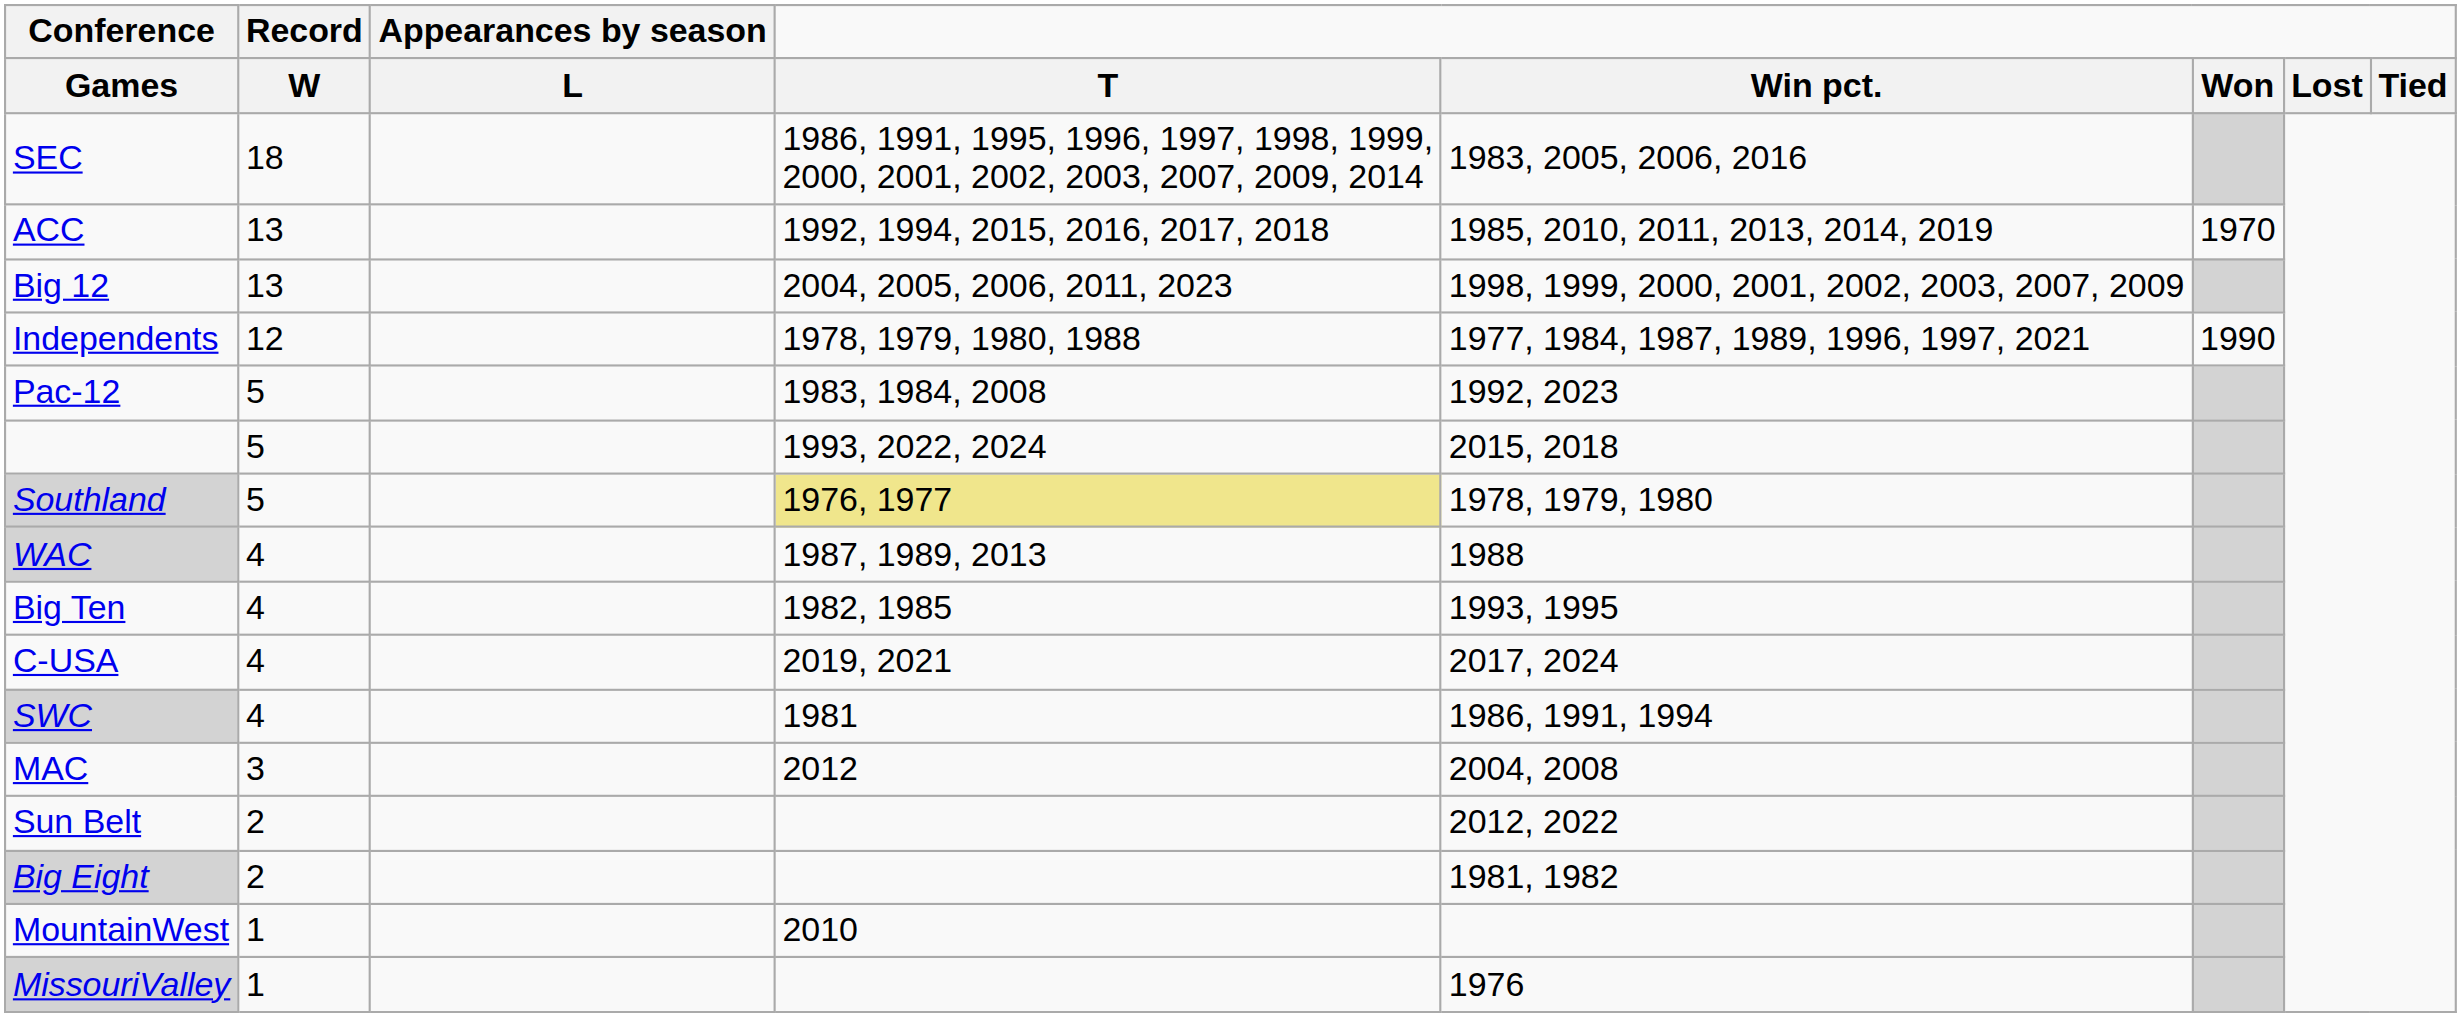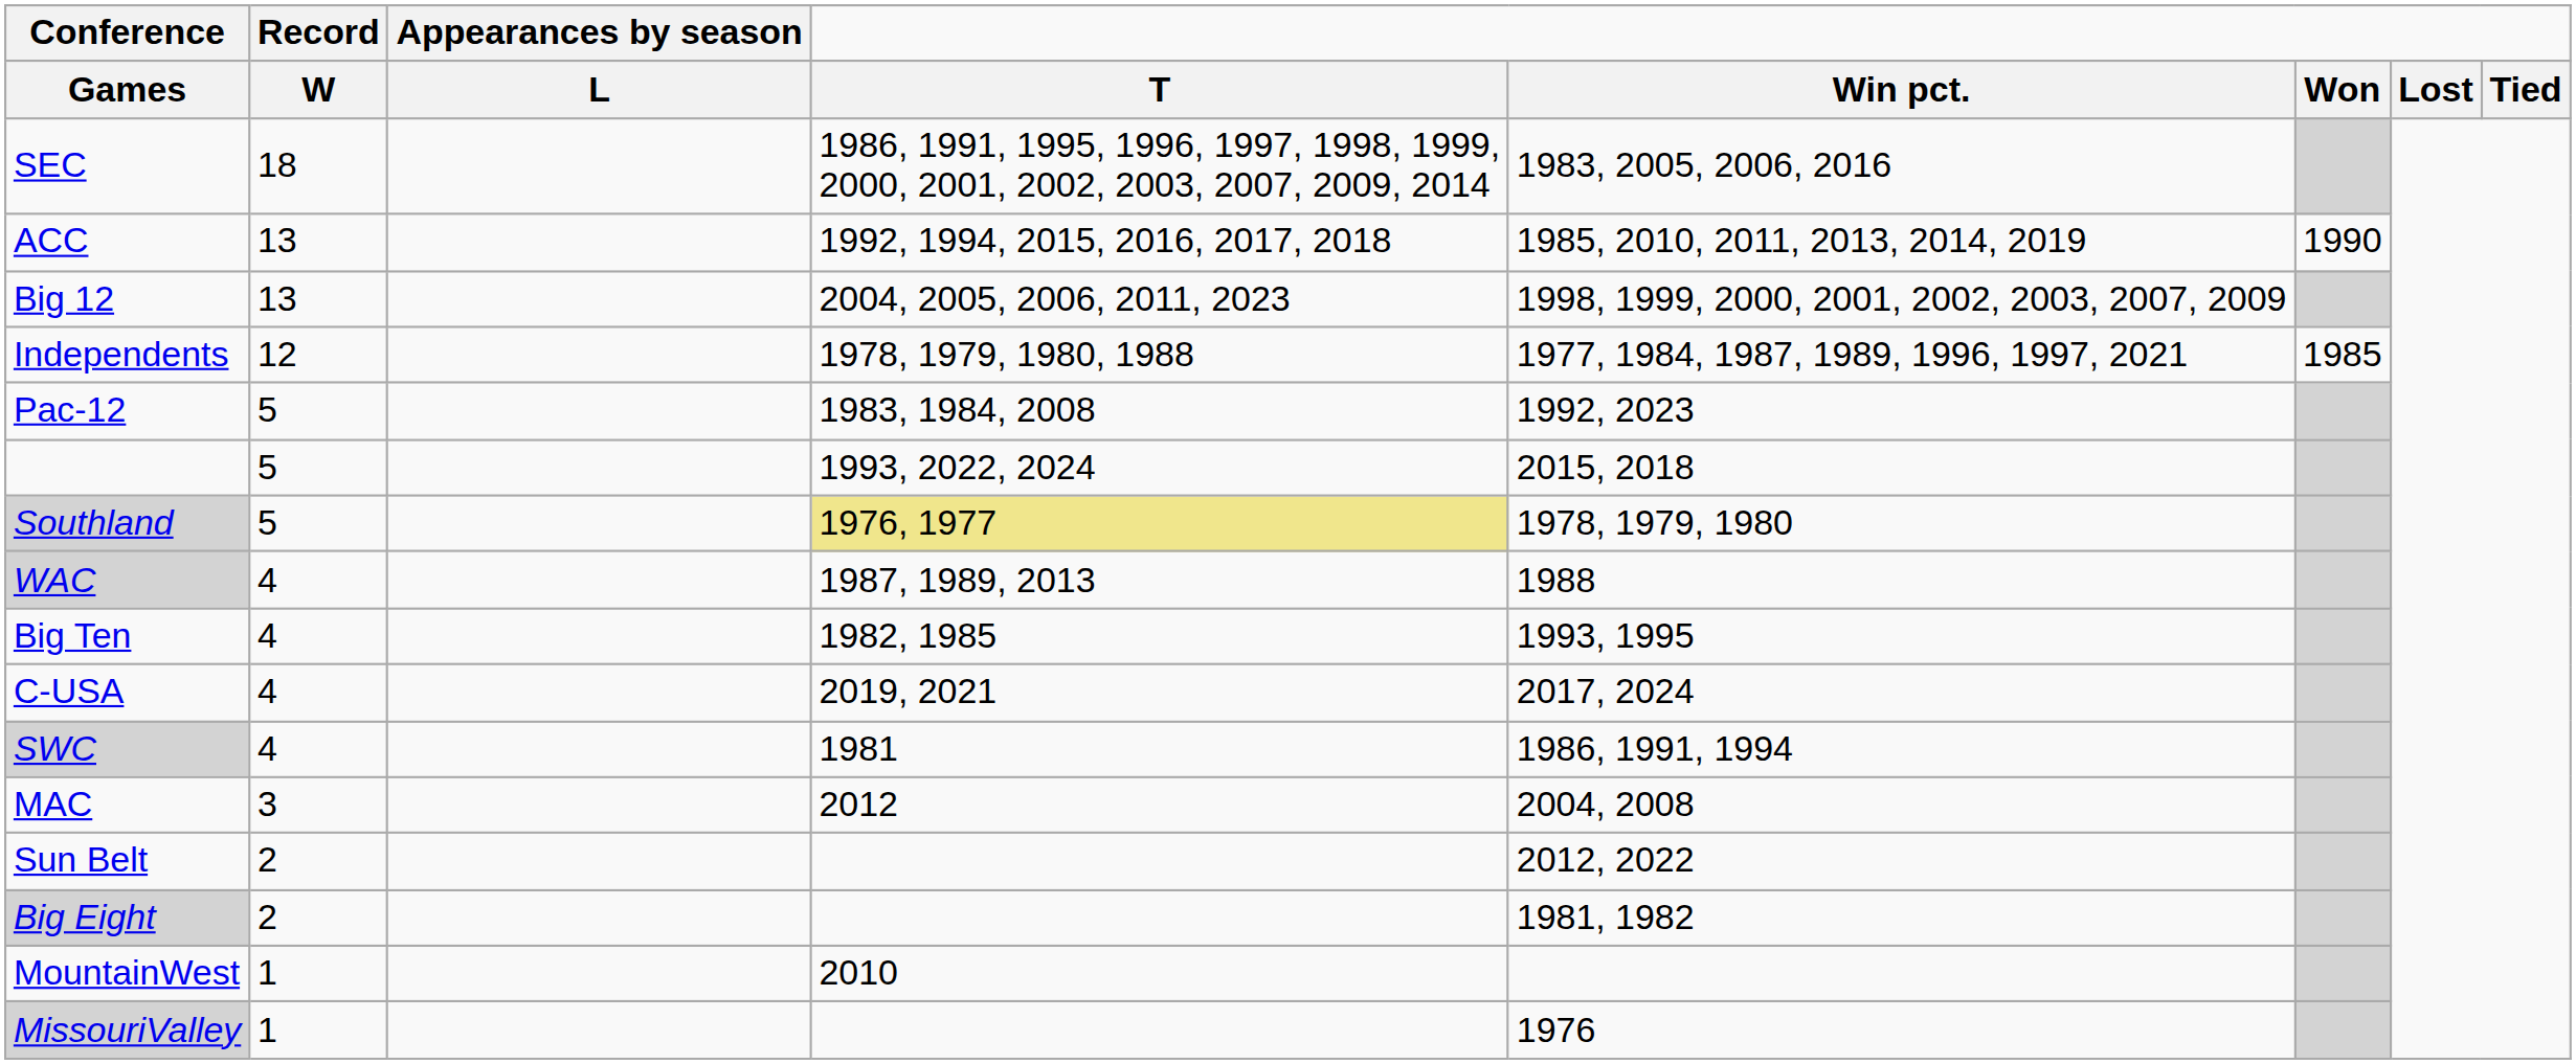 <table class="wikitable sortable">
 <tr>
 <th>Conference</th>
 <th>Record</th>
 <th>Appearances by season</th>
 </tr>
 <tr>
 <th>Games</th>
 <th>W</th>
 <th>L</th>
 <th>T</th>
 <th>Win pct.</th>
 <th>Won</th>
 <th>Lost</th>
 <th>Tied</th>
 </tr>
 <tr>
 <td><a href='#'>SEC</a></td>
 <td>18</td>
 <td></td>
 <td>1986, 1991, 1995, 1996, 1997, 1998, 1999,<br>2000, 2001, 2002, 2003, 2007, 2009, 2014</td>
 <td>1983, 2005, 2006, 2016</td>
 <td bgcolor=lightgrey></td>
 </tr>
 <tr>
 <td><a href='#'>ACC</a></td>
 <td>13</td>
 <td></td>
 <td>1992, 1994, 2015, 2016, 2017, 2018</td>
 <td>1985, 2010, 2011, 2013, 2014, 2019</td>
-<td>1970</td>
+<td>1990</td>
 </tr>
 <tr>
 <td><a href='#'>Big 12</a></td>
 <td>13</td>
 <td></td>
 <td>2004, 2005, 2006, 2011, 2023</td>
 <td>1998, 1999, 2000, 2001, 2002, 2003, 2007, 2009</td>
 <td bgcolor=lightgrey></td>
 </tr>
 <tr>
 <td><a href='#'>Independents</a></td>
 <td>12</td>
 <td></td>
 <td>1978, 1979, 1980, 1988</td>
 <td>1977, 1984, 1987, 1989, 1996, 1997, 2021</td>
-<td>1990</td>
+<td>1985</td>
 </tr>
 <tr>
 <td><a href='#'>Pac-12</a></td>
 <td>5</td>
 <td></td>
 <td>1983, 1984, 2008</td>
 <td>1992, 2023</td>
 <td bgcolor=lightgrey></td>
 </tr>
 <tr>
 <td><a href='#'></a></td>
 <td>5</td>
 <td></td>
 <td>1993, 2022, 2024</td>
 <td>2015, 2018</td>
 <td bgcolor=lightgrey></td>
 </tr>
 <tr>
 <td bgcolor=lightgrey><em><a href='#'>Southland</a></em></td>
 <td>5</td>
 <td></td>
 <td style="background: khaki;">1976, 1977</td>
 <td>1978, 1979, 1980</td>
 <td bgcolor=lightgrey></td>
 </tr>
 <tr>
 <td bgcolor=lightgrey><em><a href='#'>WAC</a></em></td>
 <td>4</td>
 <td></td>
 <td>1987, 1989, 2013</td>
 <td>1988</td>
 <td bgcolor=lightgrey></td>
 </tr>
 <tr>
 <td><a href='#'>Big Ten</a></td>
 <td>4</td>
 <td></td>
 <td>1982, 1985</td>
 <td>1993, 1995</td>
 <td bgcolor=lightgrey></td>
 </tr>
 <tr>
 <td><a href='#'>C-USA</a></td>
 <td>4</td>
 <td></td>
 <td>2019, 2021</td>
 <td>2017, 2024</td>
 <td bgcolor=lightgrey></td>
 </tr>
 <tr>
 <td bgcolor=lightgrey><em><a href='#'>SWC</a></em></td>
 <td>4</td>
 <td></td>
 <td>1981</td>
 <td>1986, 1991, 1994</td>
 <td bgcolor=lightgrey></td>
 </tr>
 <tr>
 <td><a href='#'>MAC</a></td>
 <td>3</td>
 <td></td>
 <td>2012</td>
 <td>2004, 2008</td>
 <td bgcolor=lightgrey></td>
 </tr>
 <tr>
 <td><a href='#'>Sun Belt</a></td>
 <td>2</td>
 <td></td>
 <td></td>
 <td>2012, 2022</td>
 <td bgcolor=lightgrey></td>
 </tr>
 <tr>
 <td bgcolor=lightgrey><em><a href='#'>Big Eight</a></em></td>
 <td>2</td>
 <td></td>
 <td></td>
 <td>1981, 1982</td>
 <td bgcolor=lightgrey></td>
 </tr>
 <tr>
 <td><a href='#'>MountainWest</a></td>
 <td>1</td>
 <td></td>
 <td>2010</td>
 <td></td>
 <td bgcolor=lightgrey></td>
 </tr>
 <tr>
 <td bgcolor=lightgrey><em><a href='#'>MissouriValley</a></em></td>
 <td>1</td>
 <td></td>
 <td></td>
 <td>1976</td>
 <td bgcolor=lightgrey></td>
 </tr>
 </table>
